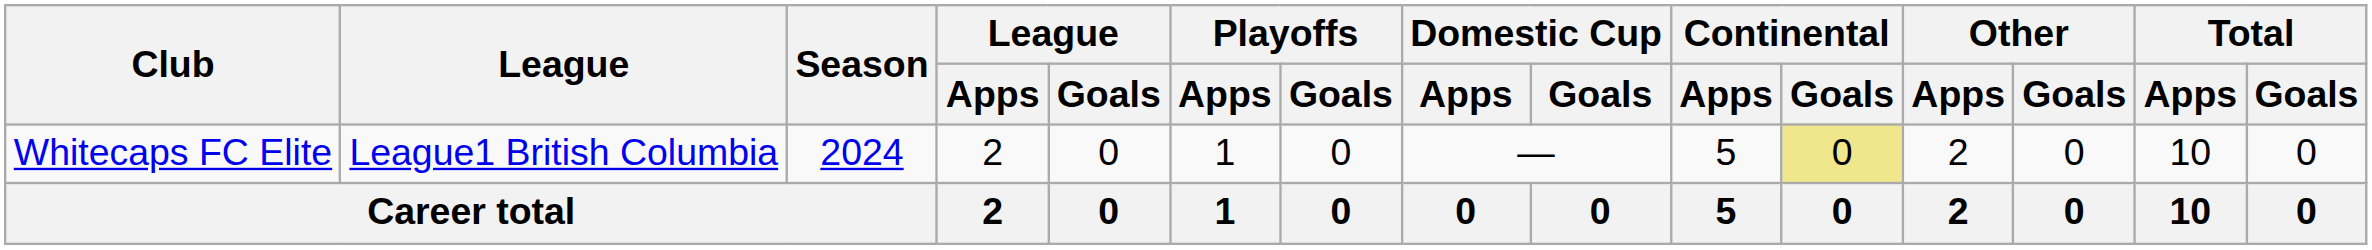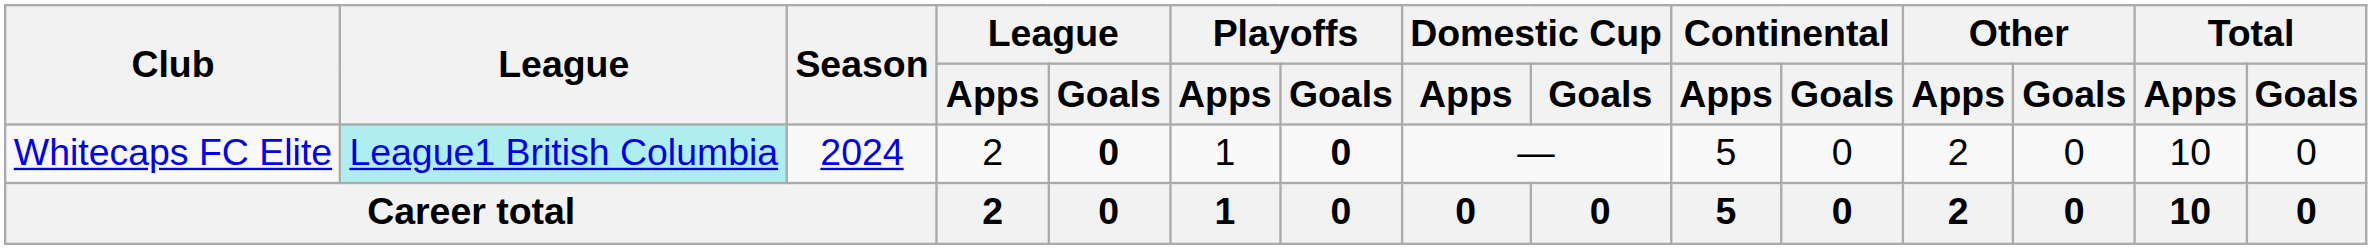 <table class="wikitable" style="text-align: center;">
 <tr>
 <th rowspan="2">Club</th>
 <th rowspan="2">League</th>
 <th rowspan="2">Season</th>
 <th colspan="2">League</th>
 <th colspan="2">Playoffs</th>
 <th colspan="2">Domestic Cup</th>
 <th colspan="2">Continental</th>
 <th colspan="2">Other</th>
 <th colspan="2">Total</th>
 </tr>
 <tr>
 <th>Apps</th>
 <th>Goals</th>
 <th>Apps</th>
 <th>Goals</th>
 <th>Apps</th>
 <th>Goals</th>
 <th>Apps</th>
 <th>Goals</th>
 <th>Apps</th>
 <th>Goals</th>
 <th>Apps</th>
 <th>Goals</th>
 </tr>
 <tr>
 <td><a href='#'>Whitecaps FC Elite</a></td>
-<td><a href='#'>League1 British Columbia</a></td>
+<td style="background: paleturquoise;"><a href='#'>League1 British Columbia</a></td>
 <td><a href='#'>2024</a></td>
 <td>2</td>
-<td>0</td>
+<td><strong>0</strong></td>
 <td>1</td>
-<td>0</td>
+<td><strong>0</strong></td>
 <td colspan="2">—</td>
 <td>5</td>
-<td style="background: khaki;">0</td>
+<td>0</td>
 <td>2</td>
 <td>0</td>
 <td>10</td>
 <td>0</td>
 </tr>
 <tr>
 <th colspan="3">Career total</th>
 <th>2</th>
 <th>0</th>
 <th>1</th>
 <th>0</th>
 <th>0</th>
 <th>0</th>
 <th>5</th>
 <th>0</th>
 <th>2</th>
 <th>0</th>
 <th>10</th>
 <th>0</th>
 </tr>
 </table>
